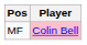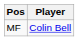 <table class="wikitable">
 <tr>
 <th>Pos</th>
 <th>Player</th>
 </tr>
 <tr>
 <td>MF</td>
-<td style="background: pink;"> <a href='#'>Colin Bell</a></td>
+<td> <a href='#'>Colin Bell</a></td>
 </tr>
 </table>
